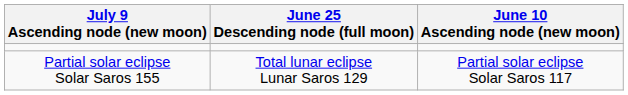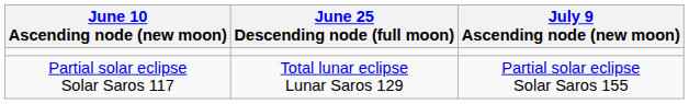 <table class="wikitable">
 <tr>
+<th><a href='#'>June 10</a><br>Ascending node (new moon)<br></th>
+<th><a href='#'>June 25</a><br>Descending node (full moon)</th>
 <th><a href='#'>July 9</a><br>Ascending node (new moon)<br></th>
-<th><a href='#'>June 25</a><br>Descending node (full moon)</th>
-<th><a href='#'>June 10</a><br>Ascending node (new moon)<br></th>
 </tr>
 <tr>
 <td></td>
 <td></td>
 <td></td>
 </tr>
 <tr align=center>
+<td><a href='#'>Partial solar eclipse</a><br>Solar Saros 117</td>
+<td><a href='#'>Total lunar eclipse</a><br>Lunar Saros 129</td>
 <td><a href='#'>Partial solar eclipse</a><br>Solar Saros 155</td>
-<td><a href='#'>Total lunar eclipse</a><br>Lunar Saros 129</td>
-<td><a href='#'>Partial solar eclipse</a><br>Solar Saros 117</td>
 </tr>
 </table>
